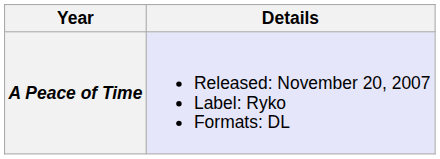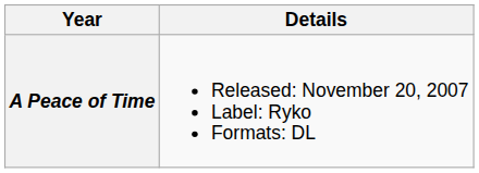 <table class="wikitable">
 <tr>
 <th>Year</th>
 <th>Details</th>
 </tr>
 <tr>
 <th scope="row"><em>A Peace of Time</em></th>
-<td style="background: lavender;"><br><ul><li>Released: November 20, 2007</li><li>Label: Ryko</li><li>Formats: DL</li></ul></td>
+<td><br><ul><li>Released: November 20, 2007</li><li>Label: Ryko</li><li>Formats: DL</li></ul></td>
 </tr>
 </table>
